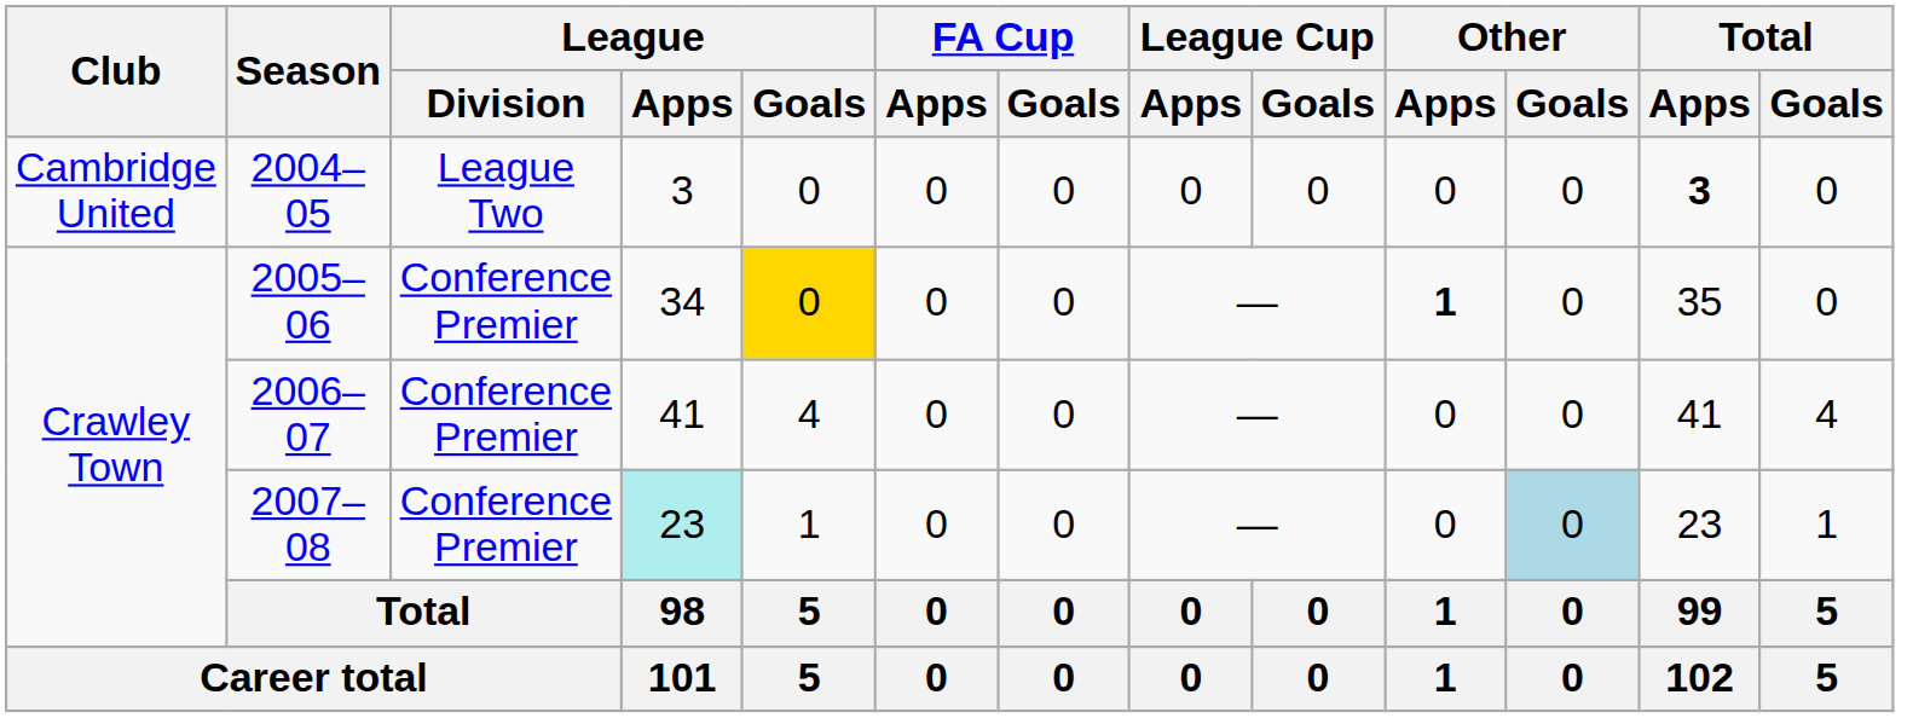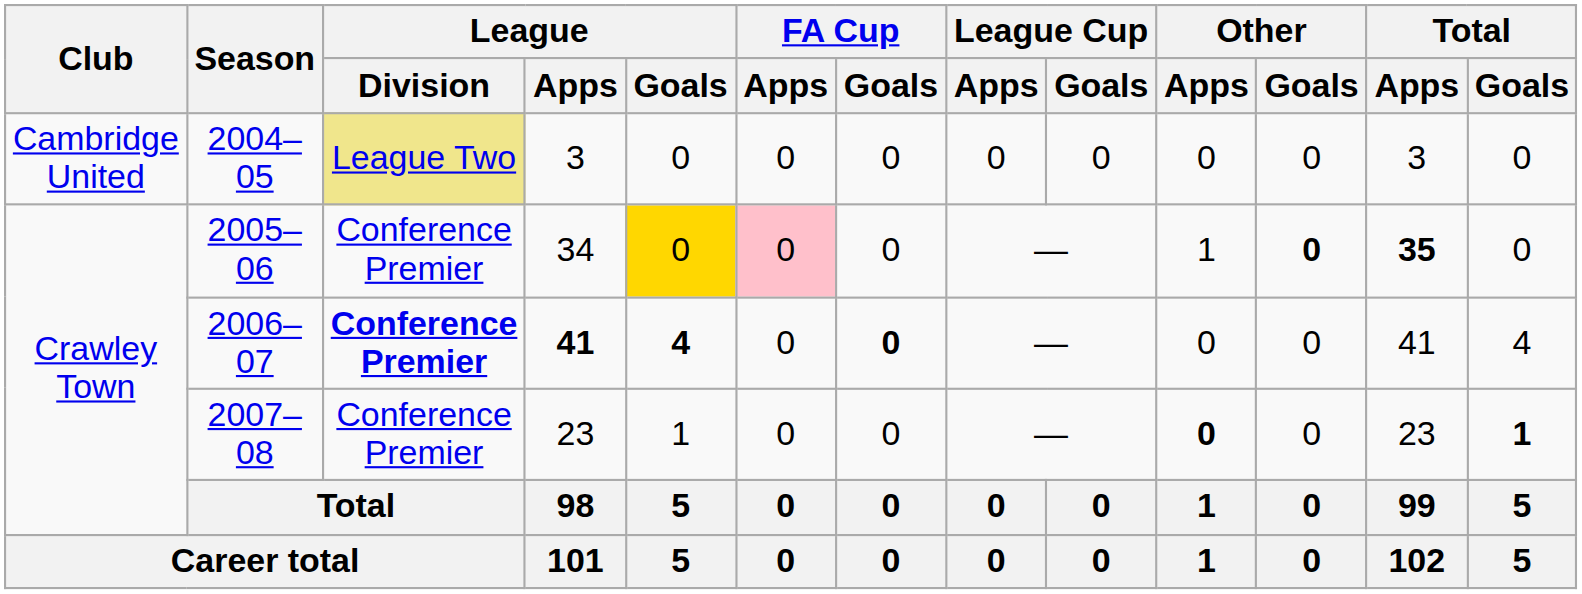 <table class="wikitable" style="text-align:center">
 <tr>
 <th rowspan="2">Club</th>
 <th rowspan="2">Season</th>
 <th colspan="3">League</th>
 <th colspan="2"><a href='#'>FA Cup</a></th>
 <th colspan="2">League Cup</th>
 <th colspan="2">Other</th>
 <th colspan="2">Total</th>
 </tr>
 <tr>
 <th>Division</th>
 <th>Apps</th>
 <th>Goals</th>
 <th>Apps</th>
 <th>Goals</th>
 <th>Apps</th>
 <th>Goals</th>
 <th>Apps</th>
 <th>Goals</th>
 <th>Apps</th>
 <th>Goals</th>
 </tr>
 <tr>
 <td><a href='#'>Cambridge United</a></td>
 <td><a href='#'>2004–05</a></td>
-<td><a href='#'>League Two</a></td>
+<td style="background: khaki;"><a href='#'>League Two</a></td>
 <td>3</td>
 <td>0</td>
 <td>0</td>
 <td>0</td>
 <td>0</td>
 <td>0</td>
 <td>0</td>
 <td>0</td>
-<td><strong>3</strong></td>
+<td>3</td>
 <td>0</td>
 </tr>
 <tr>
 <td rowspan="4"><a href='#'>Crawley Town</a></td>
 <td><a href='#'>2005–06</a></td>
 <td><a href='#'>Conference Premier</a></td>
 <td>34</td>
 <td style="background: gold;">0</td>
-<td>0</td>
+<td style="background: pink;">0</td>
 <td>0</td>
 <td colspan=2>—</td>
-<td><strong>1</strong></td>
-<td>0</td>
-<td>35</td>
+<td>1</td>
+<td><strong>0</strong></td>
+<td><strong>35</strong></td>
 <td>0</td>
 </tr>
 <tr>
 <td><a href='#'>2006–07</a></td>
-<td><a href='#'>Conference Premier</a></td>
-<td>41</td>
-<td>4</td>
+<td><strong><a href='#'>Conference Premier</a></strong></td>
+<td><strong>41</strong></td>
+<td><strong>4</strong></td>
 <td>0</td>
-<td>0</td>
+<td><strong>0</strong></td>
 <td colspan=2>—</td>
 <td>0</td>
 <td>0</td>
 <td>41</td>
 <td>4</td>
 </tr>
 <tr>
 <td><a href='#'>2007–08</a></td>
 <td><a href='#'>Conference Premier</a></td>
-<td style="background: paleturquoise;">23</td>
+<td>23</td>
 <td>1</td>
 <td>0</td>
 <td>0</td>
 <td colspan=2>—</td>
+<td><strong>0</strong></td>
 <td>0</td>
-<td style="background: lightblue;">0</td>
 <td>23</td>
-<td>1</td>
+<td><strong>1</strong></td>
 </tr>
 <tr>
 <th colspan="2">Total</th>
 <th>98</th>
 <th>5</th>
 <th>0</th>
 <th>0</th>
 <th>0</th>
 <th>0</th>
 <th>1</th>
 <th>0</th>
 <th>99</th>
 <th>5</th>
 </tr>
 <tr>
 <th colspan="3">Career total</th>
 <th>101</th>
 <th>5</th>
 <th>0</th>
 <th>0</th>
 <th>0</th>
 <th>0</th>
 <th>1</th>
 <th>0</th>
 <th>102</th>
 <th>5</th>
 </tr>
 </table>
